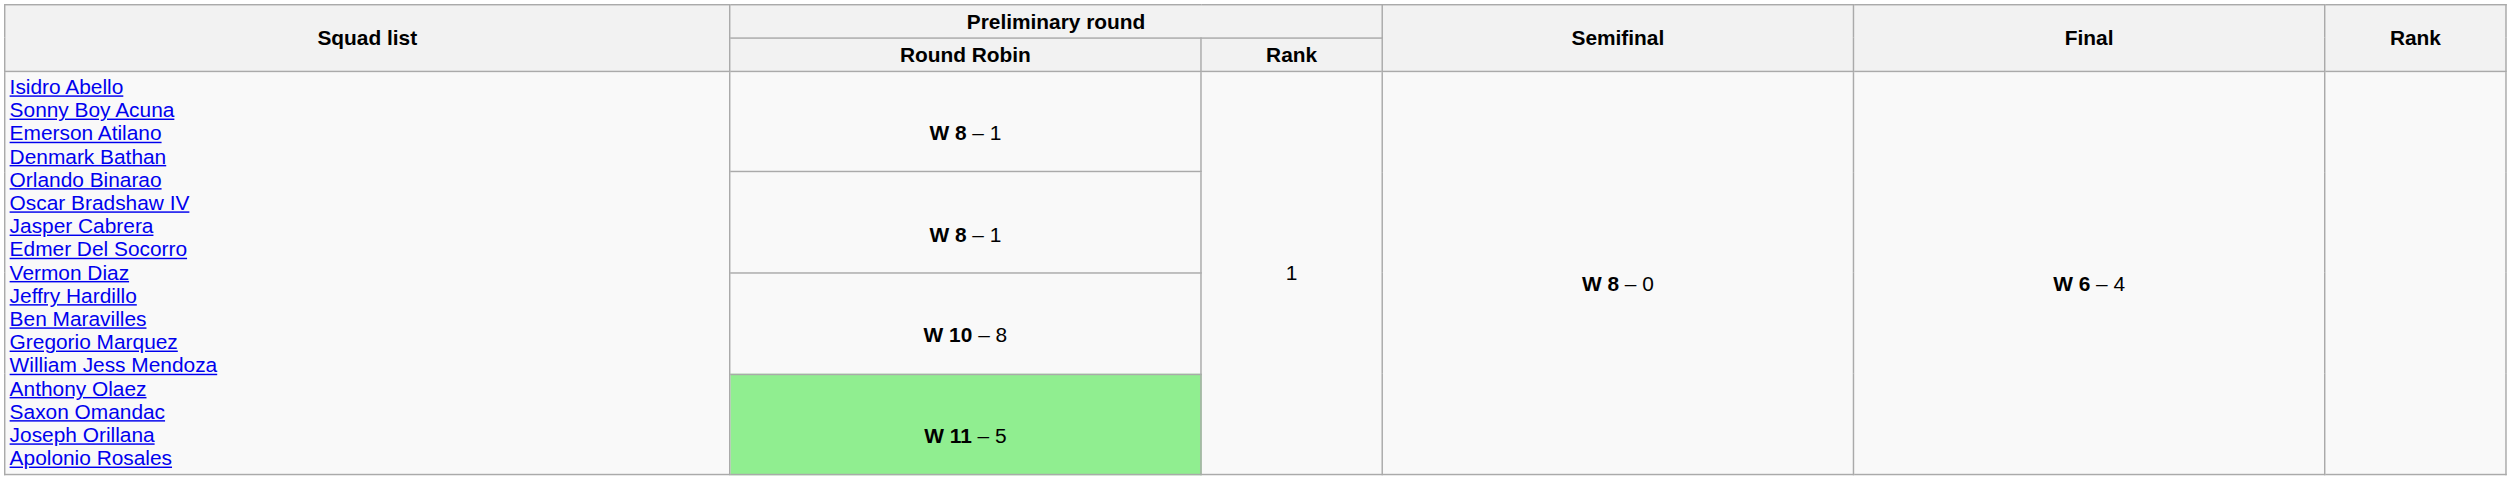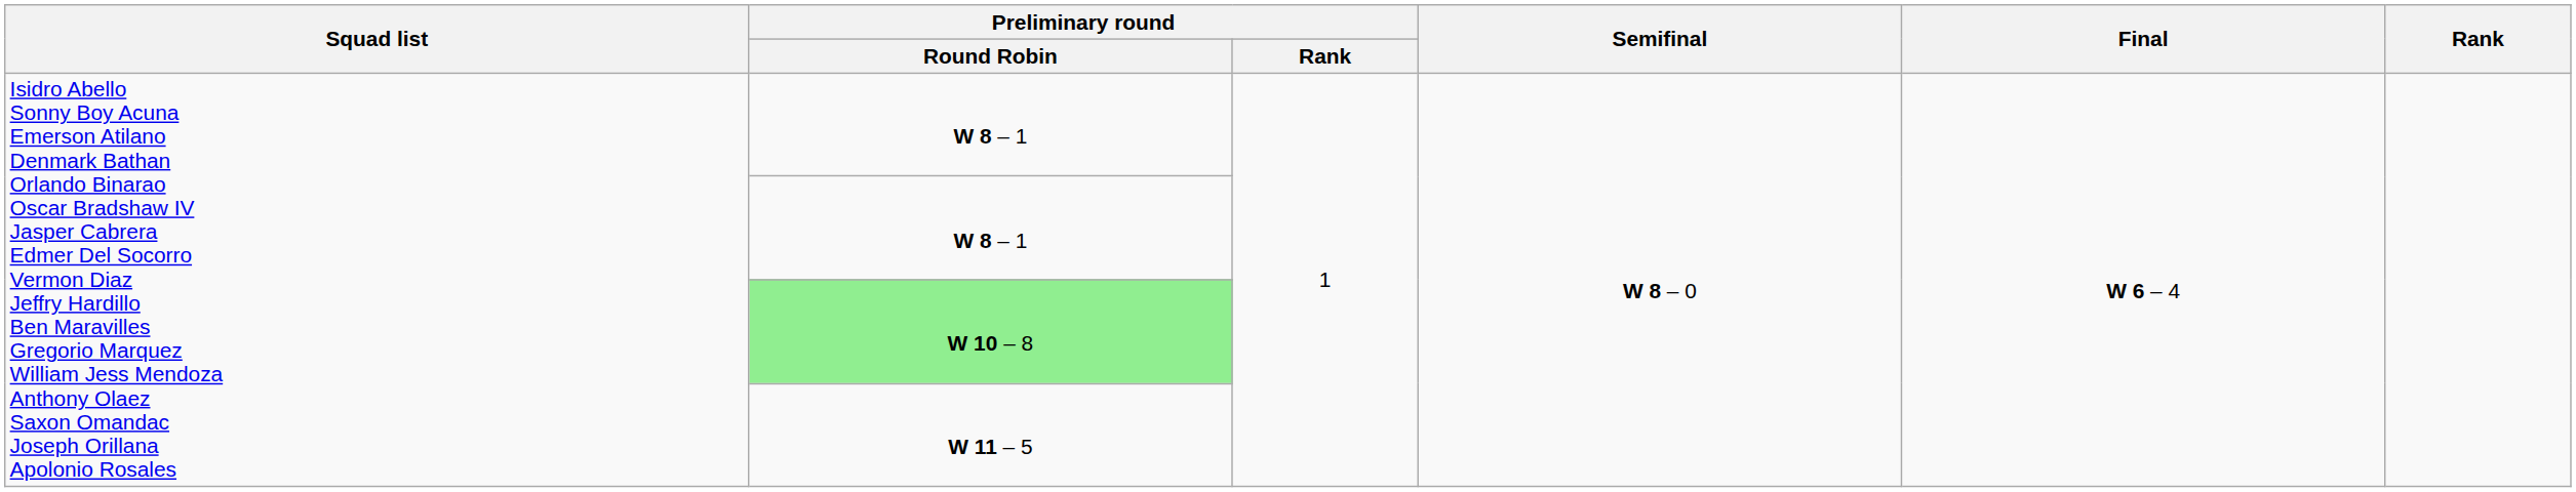 <table class="wikitable" width="87%" style="text-align:left; font-size:90%">
 <tr>
 <th rowspan="2" width="20%">Squad list</th>
 <th colspan="2">Preliminary round</th>
 <th rowspan="2" width="13%">Semifinal</th>
 <th rowspan="2" width="13%">Final</th>
 <th rowspan="2" width="5%">Rank</th>
 </tr>
 <tr>
 <th width="13%">Round Robin</th>
 <th width="5%">Rank</th>
 </tr>
 <tr>
 <td rowspan=4><a href='#'>Isidro Abello</a><br><a href='#'>Sonny Boy Acuna</a><br><a href='#'>Emerson Atilano</a><br><a href='#'>Denmark Bathan</a><br><a href='#'>Orlando Binarao</a><br><a href='#'>Oscar Bradshaw IV</a><br><a href='#'>Jasper Cabrera</a><br><a href='#'>Edmer Del Socorro</a><br><a href='#'>Vermon Diaz</a><br><a href='#'>Jeffry Hardillo</a><br><a href='#'>Ben Maravilles</a><br><a href='#'>Gregorio Marquez</a><br><a href='#'>William Jess Mendoza</a><br><a href='#'>Anthony Olaez</a><br><a href='#'>Saxon Omandac</a><br><a href='#'>Joseph Orillana</a><br><a href='#'>Apolonio Rosales</a></td>
 <td style="text-align:center;"><br> <strong>W</strong> <strong>8</strong> – 1</td>
 <td rowspan=4 align=center>1 <strong></strong></td>
 <td rowspan=4 align=center><br> <strong>W 8</strong> – 0</td>
 <td rowspan=4 align=center><br> <strong>W 6</strong> – 4</td>
 <td rowspan=4 align=center></td>
 </tr>
 <tr>
 <td style="text-align:center;"><br> <strong>W 8</strong>  – 1</td>
 </tr>
 <tr>
-<td style="text-align:center;"><br> <strong>W 10</strong> – 8</td>
+<td style="background: lightgreen; text-align:center;"><br> <strong>W 10</strong> – 8</td>
 </tr>
 <tr>
-<td style="background: lightgreen; text-align:center;"><br> <strong>W 11</strong> – 5</td>
+<td style="text-align:center;"><br> <strong>W 11</strong> – 5</td>
 </tr>
 </table>
